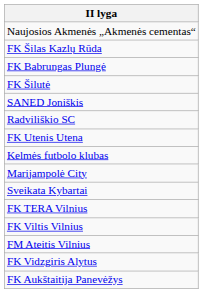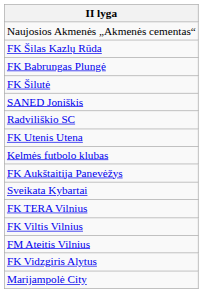 <table class="wikitable">
 <tr>
 <th>II lyga</th>
 </tr>
 <tr>
 <td>Naujosios Akmenės „Akmenės cementas“</td>
 </tr>
 <tr>
 <td><a href='#'>FK Šilas Kazlų Rūda</a></td>
 </tr>
 <tr>
 <td><a href='#'>FK Babrungas Plungė</a></td>
 </tr>
 <tr>
 <td><a href='#'>FK Šilutė</a></td>
 </tr>
 <tr>
 <td><a href='#'>SANED Joniškis</a></td>
 </tr>
 <tr>
 <td><a href='#'>Radviliškio SC</a></td>
 </tr>
 <tr>
 <td><a href='#'>FK Utenis Utena</a></td>
 </tr>
 <tr>
 <td><a href='#'>Kelmės futbolo klubas</a></td>
 </tr>
 <tr>
-<td><a href='#'>Marijampolė City</a></td>
+<td><a href='#'>FK Aukštaitija Panevėžys</a></td>
 </tr>
 <tr>
 <td><a href='#'>Sveikata Kybartai</a></td>
 </tr>
 <tr>
 <td><a href='#'>FK TERA Vilnius</a></td>
 </tr>
 <tr>
 <td><a href='#'>FK Viltis Vilnius</a></td>
 </tr>
 <tr>
 <td><a href='#'>FM Ateitis Vilnius</a></td>
 </tr>
 <tr>
 <td><a href='#'>FK Vidzgiris Alytus</a></td>
 </tr>
 <tr>
-<td><a href='#'>FK Aukštaitija Panevėžys</a></td>
+<td><a href='#'>Marijampolė City</a></td>
 </tr>
 </table>
